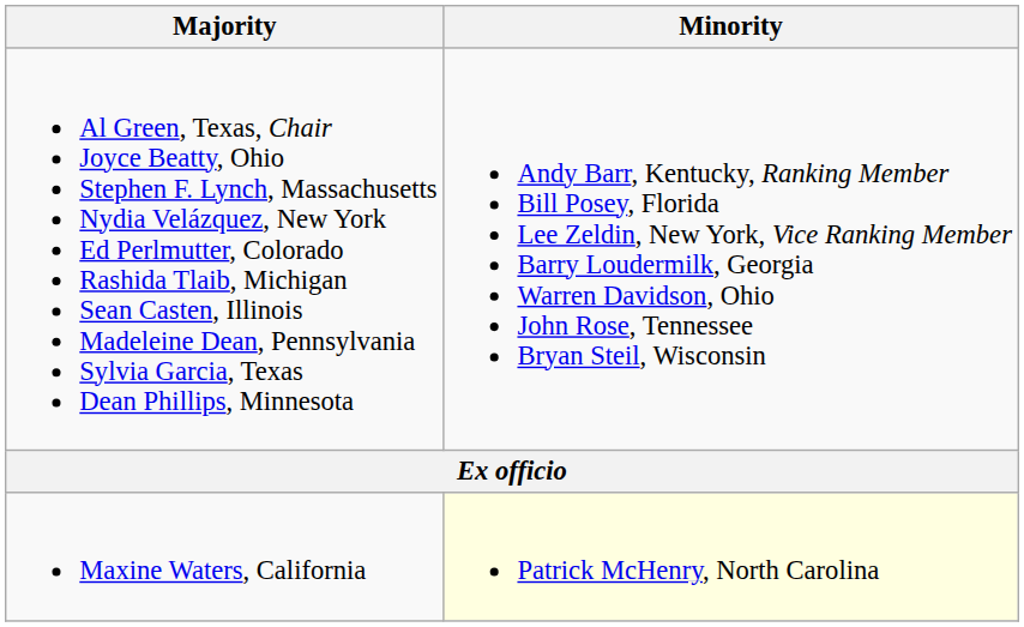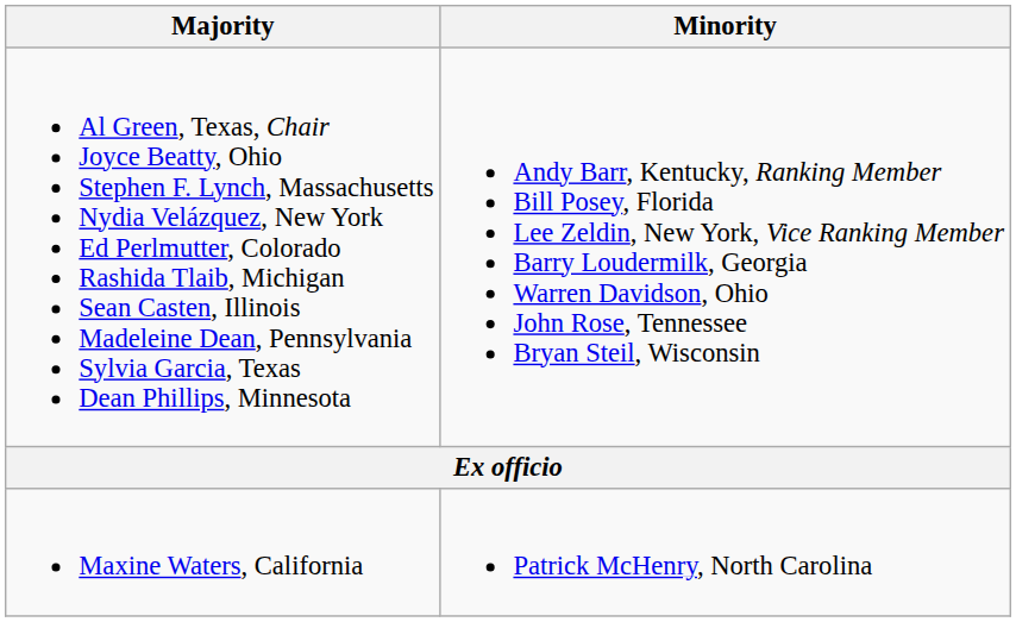 <table class=wikitable>
 <tr>
 <th>Majority</th>
 <th>Minority</th>
 </tr>
 <tr>
 <td><br><ul><li><a href='#'>Al Green</a>, Texas, <em>Chair</em></li><li><a href='#'>Joyce Beatty</a>, Ohio</li><li><a href='#'>Stephen F. Lynch</a>, Massachusetts</li><li><a href='#'>Nydia Velázquez</a>, New York</li><li><a href='#'>Ed Perlmutter</a>, Colorado</li><li><a href='#'>Rashida Tlaib</a>, Michigan</li><li><a href='#'>Sean Casten</a>, Illinois</li><li><a href='#'>Madeleine Dean</a>, Pennsylvania</li><li><a href='#'>Sylvia Garcia</a>, Texas</li><li><a href='#'>Dean Phillips</a>, Minnesota</li></ul></td>
 <td><br><ul><li><a href='#'>Andy Barr</a>, Kentucky, <em>Ranking Member</em></li><li><a href='#'>Bill Posey</a>, Florida</li><li><a href='#'>Lee Zeldin</a>, New York, <em>Vice Ranking Member</em></li><li><a href='#'>Barry Loudermilk</a>, Georgia</li><li><a href='#'>Warren Davidson</a>, Ohio</li><li><a href='#'>John Rose</a>, Tennessee</li><li><a href='#'>Bryan Steil</a>, Wisconsin</li></ul></td>
 </tr>
 <tr>
 <th colspan=2><em>Ex officio</em></th>
 </tr>
 <tr>
 <td><br><ul><li><a href='#'>Maxine Waters</a>, California</li></ul></td>
-<td style="background: lightyellow;"><br><ul><li><a href='#'>Patrick McHenry</a>, North Carolina</li></ul></td>
+<td><br><ul><li><a href='#'>Patrick McHenry</a>, North Carolina</li></ul></td>
 </tr>
 </table>
